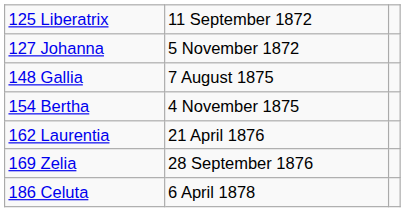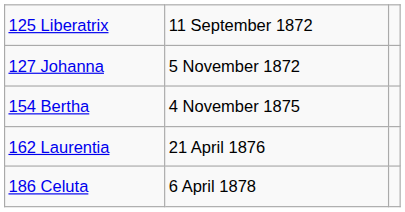 <table class="wikitable" style="font-size: 89%; float: left; width: 24em; margin-right: 1em; height: 175px;">
 <tr>
 <td><a href='#'>125 Liberatrix</a></td>
 <td>11 September 1872</td>
 <td></td>
 </tr>
 <tr>
 <td><a href='#'>127 Johanna</a></td>
 <td>5 November 1872</td>
-<td></td>
-</tr>
-<tr>
-<td><a href='#'>148 Gallia</a></td>
-<td>7 August 1875</td>
 <td></td>
 </tr>
 <tr>
 <td><a href='#'>154 Bertha</a></td>
 <td>4 November 1875</td>
 <td></td>
 </tr>
 <tr>
 <td><a href='#'>162 Laurentia</a></td>
 <td>21 April 1876</td>
 <td></td>
 </tr>
 <tr>
-<td><a href='#'>169 Zelia</a></td>
-<td>28 September 1876</td>
-<td></td>
-</tr>
-<tr>
 <td><a href='#'>186 Celuta</a></td>
 <td>6 April 1878</td>
 <td></td>
 </tr>
 </table>
